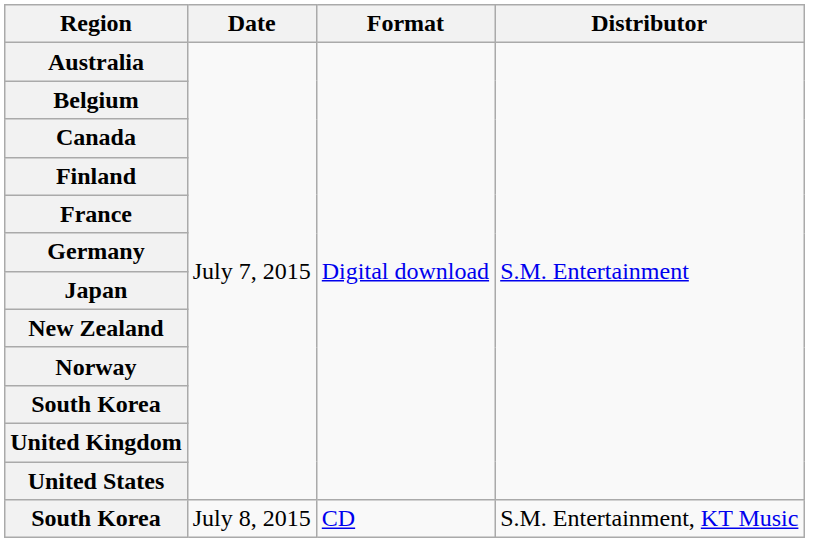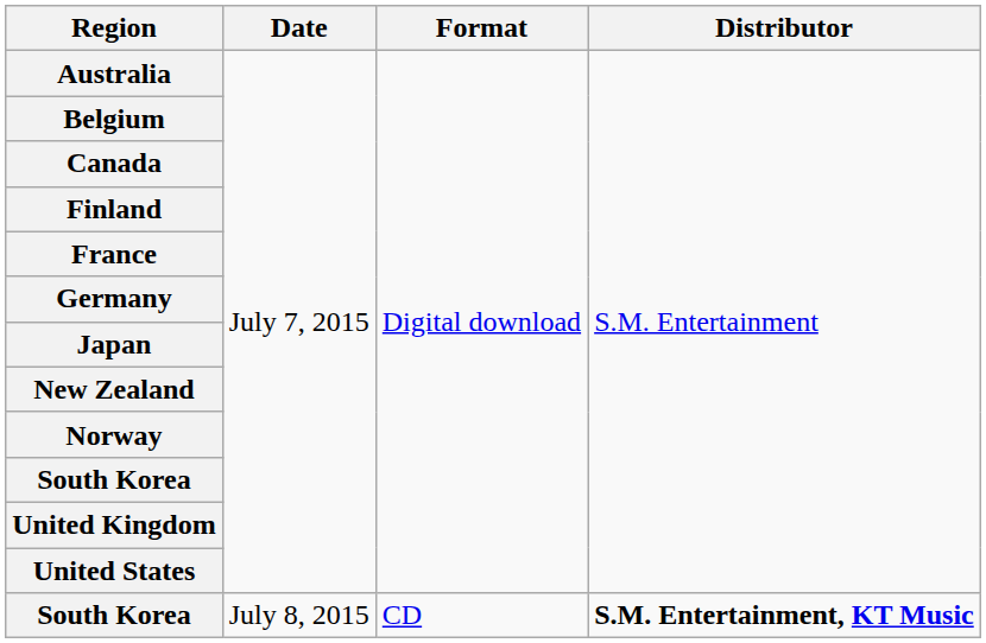 <table class="wikitable plainrowheaders">
 <tr>
 <th>Region</th>
 <th>Date</th>
 <th>Format</th>
 <th>Distributor</th>
 </tr>
 <tr>
 <th scope="row">Australia</th>
 <td rowspan="12">July 7, 2015</td>
 <td rowspan="12"><a href='#'>Digital download</a></td>
 <td rowspan="12"><a href='#'>S.M. Entertainment</a></td>
 </tr>
 <tr>
 <th scope="row">Belgium</th>
 </tr>
 <tr>
 <th scope="row">Canada</th>
 </tr>
 <tr>
 <th scope="row">Finland</th>
 </tr>
 <tr>
 <th scope="row">France</th>
 </tr>
 <tr>
 <th scope="row">Germany</th>
 </tr>
 <tr>
 <th scope="row">Japan</th>
 </tr>
 <tr>
 <th scope="row">New Zealand</th>
 </tr>
 <tr>
 <th scope="row">Norway</th>
 </tr>
 <tr>
 <th scope="row">South Korea</th>
 </tr>
 <tr>
 <th scope="row">United Kingdom</th>
 </tr>
 <tr>
 <th scope="row">United States</th>
 </tr>
 <tr>
 <th scope="row">South Korea</th>
 <td>July 8, 2015</td>
 <td><a href='#'>CD</a></td>
-<td>S.M. Entertainment, <a href='#'>KT Music</a></td>
+<td><strong>S.M. Entertainment, <a href='#'>KT Music</a></strong></td>
 </tr>
 </table>
